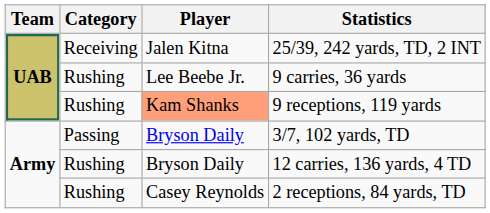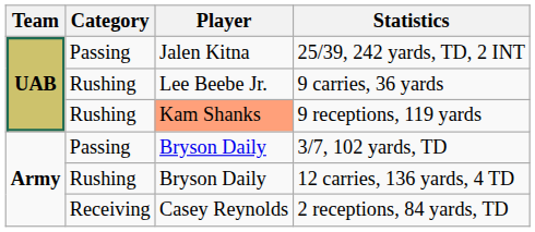 <table class="wikitable" style="float: right;">
 <tr>
 <th>Team</th>
 <th>Category</th>
 <th>Player</th>
 <th>Statistics</th>
 </tr>
 <tr>
 <td rowspan=3 style="background-color:#CDC26C;color:#000000;box-shadow: inset 2px 2px 0 #1E6B52, inset -2px -2px 0 #1E6B52; text-align:center;"><strong>UAB</strong></td>
-<td>Receiving</td>
+<td>Passing</td>
 <td>Jalen Kitna</td>
 <td>25/39, 242 yards, TD, 2 INT</td>
 </tr>
 <tr>
 <td>Rushing</td>
 <td>Lee Beebe Jr.</td>
 <td>9 carries, 36 yards</td>
 </tr>
 <tr>
 <td>Rushing</td>
 <td style="background: lightsalmon;">Kam Shanks</td>
 <td>9 receptions, 119 yards</td>
 </tr>
 <tr>
 <td rowspan=3><strong>Army</strong></td>
 <td>Passing</td>
 <td><a href='#'>Bryson Daily</a></td>
 <td>3/7, 102 yards, TD</td>
 </tr>
 <tr>
 <td>Rushing</td>
 <td>Bryson Daily</td>
 <td>12 carries, 136 yards, 4 TD</td>
 </tr>
 <tr>
-<td>Rushing</td>
+<td>Receiving</td>
 <td>Casey Reynolds</td>
 <td>2 receptions, 84 yards, TD</td>
 </tr>
 </table>
